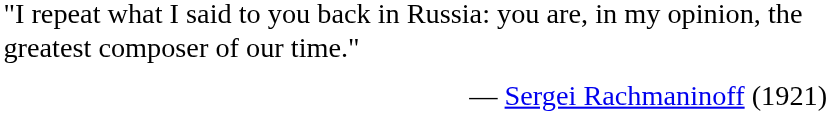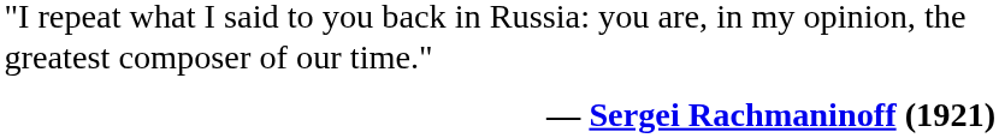 <table class="toccolours" cellspacing="5" style="float: right; margin-left: 1em; margin-right: 2em; font-size: 85%; background:#white; color:black; width:30em; max-width: 40%;">
 <tr>
 <td style="text-align: left;">"I repeat what I said to you back in Russia: you are, in my opinion, the greatest composer of our time."</td>
 </tr>
 <tr>
-<td style="text-align: right;">— <a href='#'>Sergei Rachmaninoff</a> (1921)</td>
+<td style="text-align: right;"><strong>— <a href='#'>Sergei Rachmaninoff</a> (1921)</strong></td>
 </tr>
 </table>
